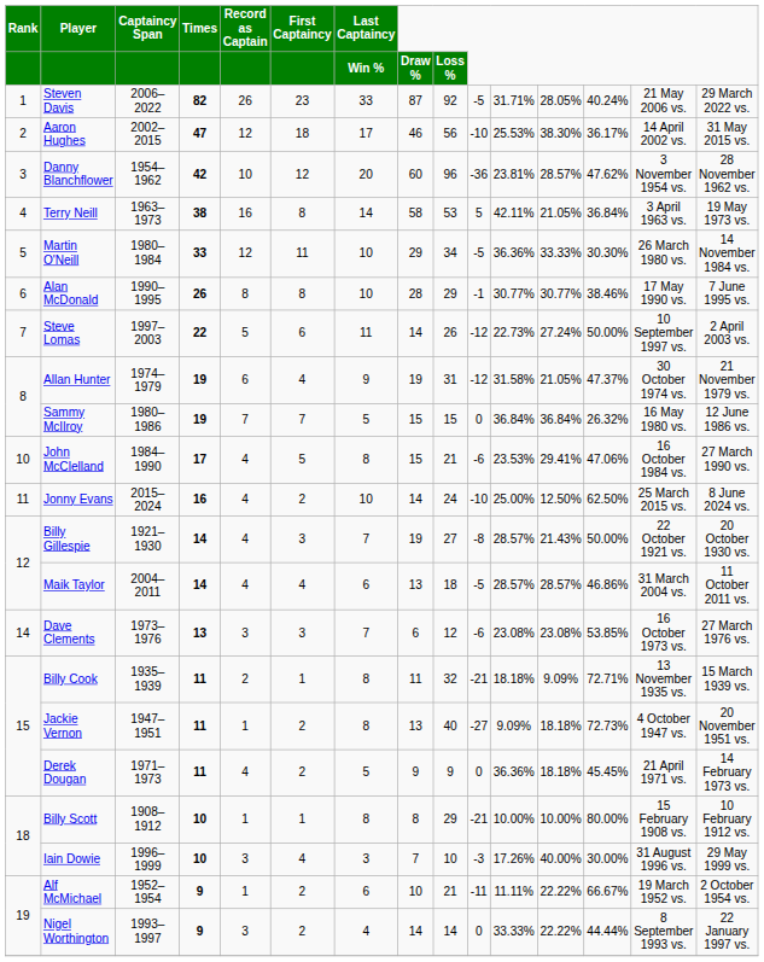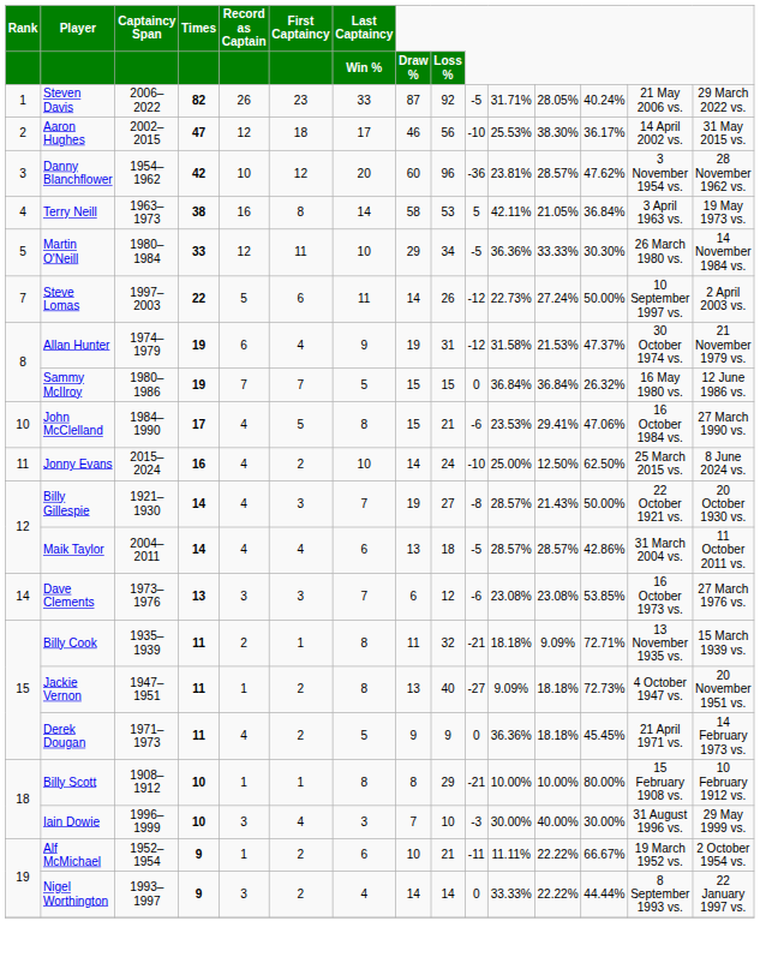 <table class="wikitable sortable" style="text-align:center;">
 <tr>
 <th style="background-color:#008000; color:white; ">Rank</th>
 <th style="background-color:#008000; color:white; ">Player</th>
 <th style="background-color:#008000; color:white; ">Captaincy Span</th>
 <th style="background-color:#008000; color:white; ">Times</th>
 <th style="background-color:#008000; color:white; ">Record as Captain</th>
 <th style="background-color:#008000; color:white; ">First Captaincy</th>
 <th style="background-color:#008000; color:white; ">Last Captaincy</th>
 </tr>
 <tr>
 <th style="background-color:#008000; color:white; "></th>
 <th style="background-color:#008000; color:white; "></th>
 <th style="background-color:#008000; color:white; "></th>
 <th style="background-color:#008000; color:white; "></th>
 <th style="background-color:#008000; color:white; "></th>
 <th style="background-color:#008000; color:white; "></th>
 <th style="background-color:#008000; color:white; ">Win %</th>
 <th style="background-color:#008000; color:white; ">Draw %</th>
 <th style="background-color:#008000; color:white; ">Loss %</th>
 </tr>
 <tr>
 <td>1</td>
 <td align="left"><a href='#'>Steven Davis</a></td>
 <td>2006–2022</td>
 <td><strong>82</strong></td>
 <td>26</td>
 <td>23</td>
 <td>33</td>
 <td>87</td>
 <td>92</td>
 <td>-5</td>
 <td>31.71%</td>
 <td>28.05%</td>
 <td>40.24%</td>
 <td>21 May 2006 vs. </td>
 <td>29 March 2022 vs. </td>
 </tr>
 <tr>
 <td>2</td>
 <td align="left"><a href='#'>Aaron Hughes</a></td>
 <td>2002–2015</td>
 <td><strong>47</strong></td>
 <td>12</td>
 <td>18</td>
 <td>17</td>
 <td>46</td>
 <td>56</td>
 <td>-10</td>
 <td>25.53%</td>
 <td>38.30%</td>
 <td>36.17%</td>
 <td>14 April 2002 vs. </td>
 <td>31 May 2015 vs. </td>
 </tr>
 <tr>
 <td>3</td>
 <td align="left"><a href='#'>Danny Blanchflower</a></td>
 <td>1954–1962</td>
 <td><strong>42</strong></td>
 <td>10</td>
 <td>12</td>
 <td>20</td>
 <td>60</td>
 <td>96</td>
 <td>-36</td>
 <td>23.81%</td>
 <td>28.57%</td>
 <td>47.62%</td>
 <td>3 November 1954 vs. </td>
 <td>28 November 1962 vs. </td>
 </tr>
 <tr>
 <td>4</td>
 <td align="left"><a href='#'>Terry Neill</a></td>
 <td>1963–1973</td>
 <td><strong>38</strong></td>
 <td>16</td>
 <td>8</td>
 <td>14</td>
 <td>58</td>
 <td>53</td>
 <td>5</td>
 <td>42.11%</td>
 <td>21.05%</td>
 <td>36.84%</td>
 <td>3 April 1963 vs. </td>
 <td>19 May 1973 vs. </td>
 </tr>
 <tr>
 <td>5</td>
 <td align="left"><a href='#'>Martin O'Neill</a></td>
 <td>1980–1984</td>
 <td><strong>33</strong></td>
 <td>12</td>
 <td>11</td>
 <td>10</td>
 <td>29</td>
 <td>34</td>
 <td>-5</td>
 <td>36.36%</td>
 <td>33.33%</td>
 <td>30.30%</td>
 <td>26 March 1980 vs. </td>
 <td>14 November 1984 vs. </td>
 </tr>
 <tr>
-<td>6</td>
-<td align="left"><a href='#'>Alan McDonald</a></td>
-<td>1990–1995</td>
-<td><strong>26</strong></td>
-<td>8</td>
-<td>8</td>
-<td>10</td>
-<td>28</td>
-<td>29</td>
-<td>-1</td>
-<td>30.77%</td>
-<td>30.77%</td>
-<td>38.46%</td>
-<td>17 May 1990 vs. </td>
-<td>7 June 1995 vs. </td>
-</tr>
-<tr>
 <td>7</td>
 <td align="left"><a href='#'>Steve Lomas</a></td>
 <td>1997–2003</td>
 <td><strong>22</strong></td>
 <td>5</td>
 <td>6</td>
 <td>11</td>
 <td>14</td>
 <td>26</td>
 <td>-12</td>
 <td>22.73%</td>
 <td>27.24%</td>
 <td>50.00%</td>
 <td>10 September 1997 vs. </td>
 <td>2 April 2003 vs. </td>
 </tr>
 <tr>
 <td rowspan=2>8</td>
 <td align="left"><a href='#'>Allan Hunter</a></td>
 <td>1974–1979</td>
 <td><strong>19</strong></td>
 <td>6</td>
 <td>4</td>
 <td>9</td>
 <td>19</td>
 <td>31</td>
 <td>-12</td>
 <td>31.58%</td>
-<td>21.05%</td>
+<td>21.53%</td>
 <td>47.37%</td>
 <td>30 October 1974 vs. </td>
 <td>21 November 1979 vs. </td>
 </tr>
 <tr>
 <td align="left"><a href='#'>Sammy McIlroy</a></td>
 <td>1980–1986</td>
 <td><strong>19</strong></td>
 <td>7</td>
 <td>7</td>
 <td>5</td>
 <td>15</td>
 <td>15</td>
 <td>0</td>
 <td>36.84%</td>
 <td>36.84%</td>
 <td>26.32%</td>
 <td>16 May 1980 vs. </td>
 <td>12 June 1986 vs. </td>
 </tr>
 <tr>
 <td>10</td>
 <td align="left"><a href='#'>John McClelland</a></td>
 <td>1984–1990</td>
 <td><strong>17</strong></td>
 <td>4</td>
 <td>5</td>
 <td>8</td>
 <td>15</td>
 <td>21</td>
 <td>-6</td>
 <td>23.53%</td>
 <td>29.41%</td>
 <td>47.06%</td>
 <td>16 October 1984 vs. </td>
 <td>27 March 1990 vs. </td>
 </tr>
 <tr>
 <td>11</td>
 <td align="left"><a href='#'>Jonny Evans</a></td>
 <td>2015–2024</td>
 <td><strong>16</strong></td>
 <td>4</td>
 <td>2</td>
 <td>10</td>
 <td>14</td>
 <td>24</td>
 <td>-10</td>
 <td>25.00%</td>
 <td>12.50%</td>
 <td>62.50%</td>
 <td>25 March 2015 vs. </td>
 <td>8 June 2024 vs. </td>
 </tr>
 <tr>
 <td rowspan=2>12</td>
 <td align="left"><a href='#'>Billy Gillespie</a></td>
 <td>1921–1930</td>
 <td><strong>14</strong></td>
 <td>4</td>
 <td>3</td>
 <td>7</td>
 <td>19</td>
 <td>27</td>
 <td>-8</td>
 <td>28.57%</td>
 <td>21.43%</td>
 <td>50.00%</td>
 <td>22 October 1921 vs. </td>
 <td>20 October 1930 vs. </td>
 </tr>
 <tr>
 <td align="left"><a href='#'>Maik Taylor</a></td>
 <td>2004–2011</td>
 <td><strong>14</strong></td>
 <td>4</td>
 <td>4</td>
 <td>6</td>
 <td>13</td>
 <td>18</td>
 <td>-5</td>
 <td>28.57%</td>
 <td>28.57%</td>
-<td>46.86%</td>
+<td>42.86%</td>
 <td>31 March 2004 vs. </td>
 <td>11 October 2011 vs. </td>
 </tr>
 <tr>
 <td>14</td>
 <td align="left"><a href='#'>Dave Clements</a></td>
 <td>1973–1976</td>
 <td><strong>13</strong></td>
 <td>3</td>
 <td>3</td>
 <td>7</td>
 <td>6</td>
 <td>12</td>
 <td>-6</td>
 <td>23.08%</td>
 <td>23.08%</td>
 <td>53.85%</td>
 <td>16 October 1973 vs. </td>
 <td>27 March 1976 vs. </td>
 </tr>
 <tr>
 <td rowspan=3>15</td>
 <td align="left"><a href='#'>Billy Cook</a></td>
 <td>1935–1939</td>
 <td><strong>11</strong></td>
 <td>2</td>
 <td>1</td>
 <td>8</td>
 <td>11</td>
 <td>32</td>
 <td>-21</td>
 <td>18.18%</td>
 <td>9.09%</td>
 <td>72.71%</td>
 <td>13 November 1935 vs. </td>
 <td>15 March 1939 vs. </td>
 </tr>
 <tr>
 <td align="left"><a href='#'>Jackie Vernon</a></td>
 <td>1947–1951</td>
 <td><strong>11</strong></td>
 <td>1</td>
 <td>2</td>
 <td>8</td>
 <td>13</td>
 <td>40</td>
 <td>-27</td>
 <td>9.09%</td>
 <td>18.18%</td>
 <td>72.73%</td>
 <td>4 October 1947 vs. </td>
 <td>20 November 1951 vs. </td>
 </tr>
 <tr>
 <td align="left"><a href='#'>Derek Dougan</a></td>
 <td>1971–1973</td>
 <td><strong>11</strong></td>
 <td>4</td>
 <td>2</td>
 <td>5</td>
 <td>9</td>
 <td>9</td>
 <td>0</td>
 <td>36.36%</td>
 <td>18.18%</td>
 <td>45.45%</td>
 <td>21 April 1971 vs. </td>
 <td>14 February 1973 vs. </td>
 </tr>
 <tr>
 <td rowspan=2>18</td>
 <td align="left"><a href='#'>Billy Scott</a></td>
 <td>1908–1912</td>
 <td><strong>10</strong></td>
 <td>1</td>
 <td>1</td>
 <td>8</td>
 <td>8</td>
 <td>29</td>
 <td>-21</td>
 <td>10.00%</td>
 <td>10.00%</td>
 <td>80.00%</td>
 <td>15 February 1908 vs. </td>
 <td>10 February 1912 vs. </td>
 </tr>
 <tr>
 <td align="left"><a href='#'>Iain Dowie</a></td>
 <td>1996–1999</td>
 <td><strong>10</strong></td>
 <td>3</td>
 <td>4</td>
 <td>3</td>
 <td>7</td>
 <td>10</td>
 <td>-3</td>
-<td>17.26%</td>
+<td>30.00%</td>
 <td>40.00%</td>
 <td>30.00%</td>
 <td>31 August 1996 vs. </td>
 <td>29 May 1999 vs. </td>
 </tr>
 <tr>
 <td rowspan=2>19</td>
 <td align="left"><a href='#'>Alf McMichael</a></td>
 <td>1952–1954</td>
 <td><strong>9</strong></td>
 <td>1</td>
 <td>2</td>
 <td>6</td>
 <td>10</td>
 <td>21</td>
 <td>-11</td>
 <td>11.11%</td>
 <td>22.22%</td>
 <td>66.67%</td>
 <td>19 March 1952 vs. </td>
 <td>2 October 1954 vs. </td>
 </tr>
 <tr>
 <td align="left"><a href='#'>Nigel Worthington</a></td>
 <td>1993–1997</td>
 <td><strong>9</strong></td>
 <td>3</td>
 <td>2</td>
 <td>4</td>
 <td>14</td>
 <td>14</td>
 <td>0</td>
 <td>33.33%</td>
 <td>22.22%</td>
 <td>44.44%</td>
 <td>8 September 1993 vs. </td>
 <td>22 January 1997 vs. </td>
 </tr>
 <tr>
 </tr>
 </table>
